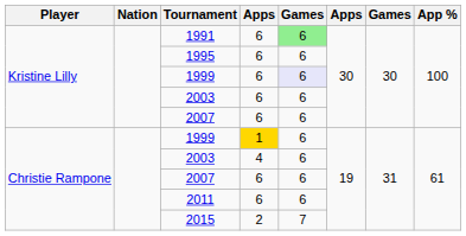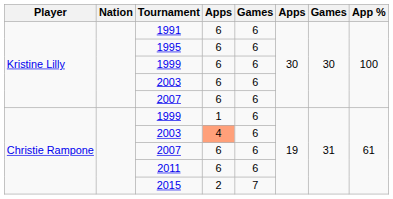 <table class="wikitable sortable" style="text-align: center;">
 <tr>
 <th>Player</th>
 <th>Nation</th>
 <th class = "unsortable">Tournament</th>
 <th class = "unsortable">Apps</th>
 <th class = "unsortable">Games</th>
 <th>Apps</th>
 <th>Games</th>
 <th>App %</th>
 </tr>
 <tr>
 <td rowspan = "5" align = "left"><a href='#'>Kristine Lilly</a></td>
 <td rowspan = "5" align = "left"></td>
 <td><a href='#'>1991</a></td>
 <td>6</td>
-<td style="background: lightgreen;">6</td>
+<td>6</td>
 <td rowspan = "5">30</td>
 <td rowspan = "5">30</td>
 <td rowspan = "5">100</td>
 </tr>
 <tr>
 <td><a href='#'>1995</a></td>
 <td>6</td>
 <td>6</td>
 </tr>
 <tr>
 <td><a href='#'>1999</a></td>
 <td>6</td>
-<td style="background: lavender;">6</td>
+<td>6</td>
 </tr>
 <tr>
 <td><a href='#'>2003</a></td>
 <td>6</td>
 <td>6</td>
 </tr>
 <tr>
 <td><a href='#'>2007</a></td>
 <td>6</td>
 <td>6</td>
 </tr>
 <tr>
 <td rowspan = "5" align = "left"><a href='#'>Christie Rampone</a></td>
 <td rowspan = "5" align = "left"></td>
 <td><a href='#'>1999</a></td>
-<td style="background: gold;">1</td>
+<td>1</td>
 <td>6</td>
 <td rowspan = "5">19</td>
 <td rowspan = "5">31</td>
 <td rowspan = "5">61</td>
 </tr>
 <tr>
 <td><a href='#'>2003</a></td>
-<td>4</td>
+<td style="background: lightsalmon;">4</td>
 <td>6</td>
 </tr>
 <tr>
 <td><a href='#'>2007</a></td>
 <td>6</td>
 <td>6</td>
 </tr>
 <tr>
 <td><a href='#'>2011</a></td>
 <td>6</td>
 <td>6</td>
 </tr>
 <tr>
 <td><a href='#'>2015</a></td>
 <td>2</td>
 <td>7</td>
 </tr>
 </table>
